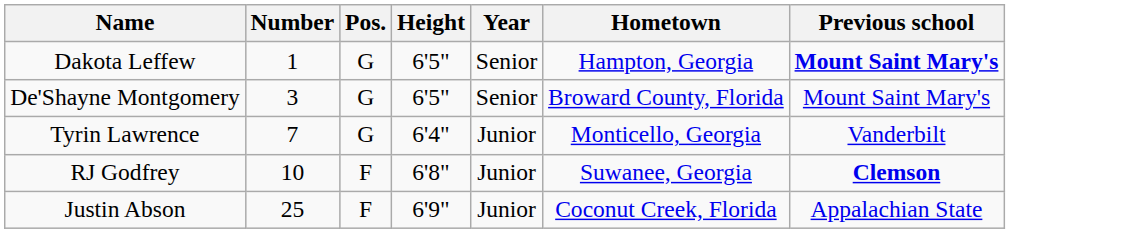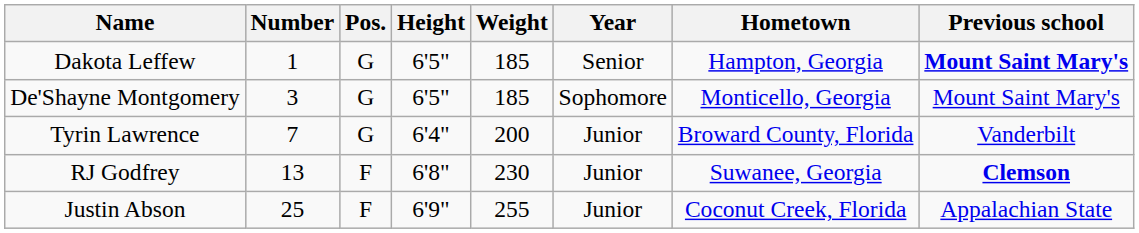 <table class="wikitable sortable" style="text-align:center">
 <tr align=center>
 <th>Name</th>
 <th>Number</th>
 <th>Pos.</th>
 <th>Height</th>
+<th>Weight</th>
 <th>Year</th>
 <th>Hometown</th>
 <th class="unsortable">Previous school</th>
 </tr>
 <tr>
 <td>Dakota Leffew</td>
 <td>1</td>
 <td>G</td>
 <td>6'5"</td>
+<td>185</td>
 <td>Senior</td>
 <td><a href='#'>Hampton, Georgia</a></td>
 <td><strong><a href='#'>Mount Saint Mary's</a></strong></td>
 </tr>
 <tr>
 <td>De'Shayne Montgomery</td>
 <td>3</td>
 <td>G</td>
 <td>6'5"</td>
-<td>Senior</td>
-<td><a href='#'>Broward County, Florida</a></td>
+<td>185</td>
+<td>Sophomore</td>
+<td><a href='#'>Monticello, Georgia</a></td>
 <td><a href='#'>Mount Saint Mary's</a></td>
 </tr>
 <tr>
 <td>Tyrin Lawrence</td>
 <td>7</td>
 <td>G</td>
 <td>6'4"</td>
+<td>200</td>
 <td>Junior</td>
-<td><a href='#'>Monticello, Georgia</a></td>
+<td><a href='#'>Broward County, Florida</a></td>
 <td><a href='#'>Vanderbilt</a></td>
 </tr>
 <tr>
 <td>RJ Godfrey</td>
-<td>10</td>
+<td>13</td>
 <td>F</td>
 <td>6'8"</td>
+<td>230</td>
 <td>Junior</td>
 <td><a href='#'>Suwanee, Georgia</a></td>
 <td><strong><a href='#'>Clemson</a></strong></td>
 </tr>
 <tr>
 <td>Justin Abson</td>
 <td>25</td>
 <td>F</td>
 <td>6'9"</td>
+<td>255</td>
 <td>Junior</td>
 <td><a href='#'>Coconut Creek, Florida</a></td>
 <td><a href='#'>Appalachian State</a></td>
 </tr>
 </table>
